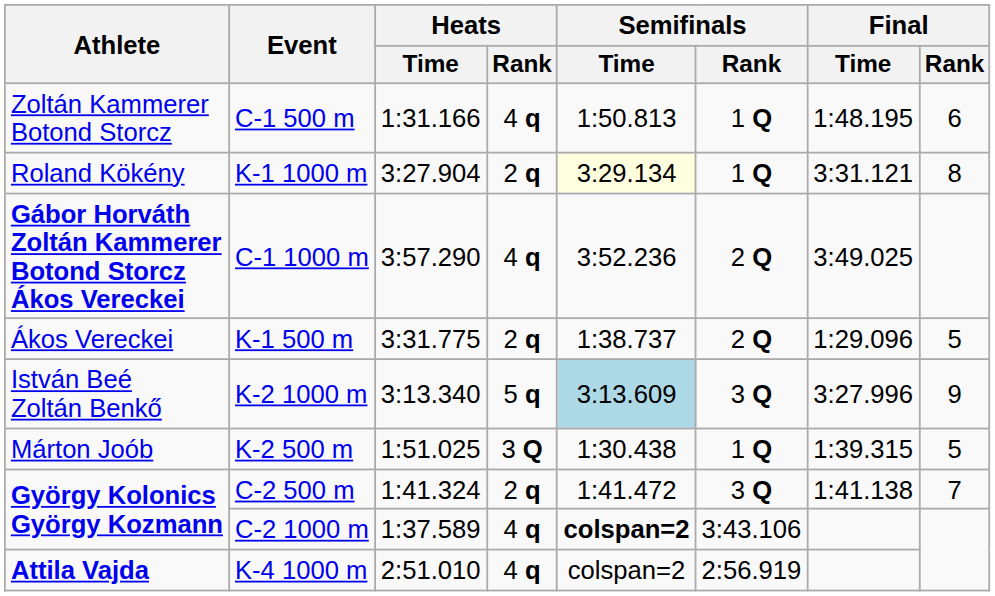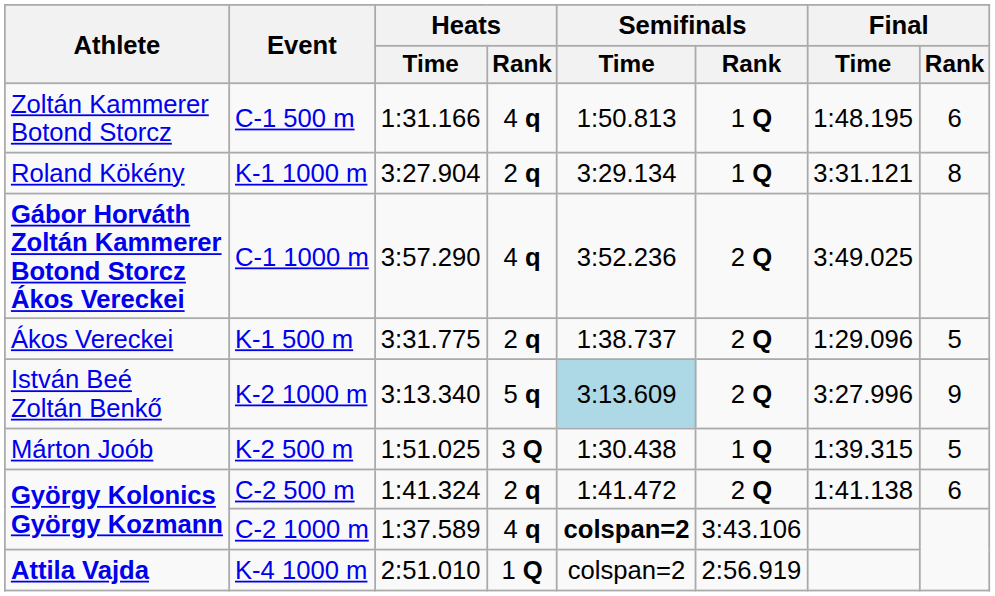 <table class="wikitable" style="font-size:90%">
 <tr>
 <th rowspan=2>Athlete</th>
 <th rowspan=2>Event</th>
 <th colspan=2>Heats</th>
 <th colspan=2>Semifinals</th>
 <th colspan=2>Final</th>
 </tr>
 <tr style="font-size:95%">
 <th>Time</th>
 <th>Rank</th>
 <th>Time</th>
 <th>Rank</th>
 <th>Time</th>
 <th>Rank</th>
 </tr>
 <tr align=center>
 <td align=left><a href='#'>Zoltán Kammerer</a><br><a href='#'>Botond Storcz</a></td>
 <td align=left><a href='#'>C-1 500 m</a></td>
 <td>1:31.166</td>
 <td>4 <strong>q</strong></td>
 <td>1:50.813</td>
 <td>1 <strong>Q</strong></td>
 <td>1:48.195</td>
 <td>6</td>
 </tr>
 <tr align=center>
 <td align=left><a href='#'>Roland Kökény</a></td>
 <td align=left><a href='#'>K-1 1000 m</a></td>
 <td>3:27.904</td>
 <td>2 <strong>q</strong></td>
-<td style="background: lightyellow;">3:29.134</td>
+<td>3:29.134</td>
 <td>1 <strong>Q</strong></td>
 <td>3:31.121</td>
 <td>8</td>
 </tr>
 <tr align=center>
 <td align=left><strong><a href='#'>Gábor Horváth</a><br><a href='#'>Zoltán Kammerer</a><br><a href='#'>Botond Storcz</a><br><a href='#'>Ákos Vereckei</a></strong></td>
 <td align=left><a href='#'>C-1 1000 m</a></td>
 <td>3:57.290</td>
 <td>4 <strong>q</strong></td>
 <td>3:52.236</td>
 <td>2 <strong>Q</strong></td>
 <td>3:49.025</td>
 <td></td>
 </tr>
 <tr align=center>
 <td align=left><a href='#'>Ákos Vereckei</a></td>
 <td align=left><a href='#'>K-1 500 m</a></td>
 <td>3:31.775</td>
 <td>2 <strong>q</strong></td>
 <td>1:38.737</td>
 <td>2 <strong>Q</strong></td>
 <td>1:29.096</td>
 <td>5</td>
 </tr>
 <tr align=center>
 <td align=left><a href='#'>István Beé</a><br><a href='#'>Zoltán Benkő</a></td>
 <td align=left><a href='#'>K-2 1000 m</a></td>
 <td>3:13.340</td>
 <td>5 <strong>q</strong></td>
 <td style="background: lightblue;">3:13.609</td>
-<td>3 <strong>Q</strong></td>
+<td>2 <strong>Q</strong></td>
 <td>3:27.996</td>
 <td>9</td>
 </tr>
 <tr align=center>
 <td align=left><a href='#'>Márton Joób</a></td>
 <td align=left><a href='#'>K-2 500 m</a></td>
 <td>1:51.025</td>
 <td>3 <strong>Q</strong></td>
 <td>1:30.438</td>
 <td>1 <strong>Q</strong></td>
 <td>1:39.315</td>
 <td>5</td>
 </tr>
 <tr align=center>
 <td align=left rowspan=2><strong><a href='#'>György Kolonics</a><br><a href='#'>György Kozmann</a></strong></td>
 <td align=left><a href='#'>C-2 500 m</a></td>
 <td>1:41.324</td>
 <td>2 <strong>q</strong></td>
 <td>1:41.472</td>
-<td>3 <strong>Q</strong></td>
+<td>2 <strong>Q</strong></td>
 <td>1:41.138</td>
-<td>7</td>
+<td>6</td>
 </tr>
 <tr align=center>
 <td align=left><a href='#'>C-2 1000 m</a></td>
 <td>1:37.589</td>
 <td>4 <strong>q</strong></td>
 <td><strong>colspan=2 </strong></td>
 <td>3:43.106</td>
 <td></td>
 </tr>
 <tr align=center>
 <td align=left><strong><a href='#'>Attila Vajda</a></strong></td>
 <td align=left><a href='#'>K-4 1000 m</a></td>
 <td>2:51.010</td>
-<td>4 <strong>q</strong></td>
+<td>1 <strong>Q</strong></td>
 <td>colspan=2 </td>
 <td>2:56.919</td>
 <td></td>
 </tr>
 </table>
